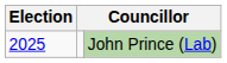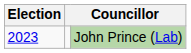 <table class="wikitable">
 <tr>
 <th>Election</th>
 <th colspan="2">Councillor</th>
 </tr>
 <tr>
-<td><a href='#'>2025</a></td>
+<td><a href='#'>2023</a></td>
 <td style="background-color: "></td>
 <td bgcolor="#B6D7A8">John Prince (<a href='#'>Lab</a>)</td>
 </tr>
 </table>
